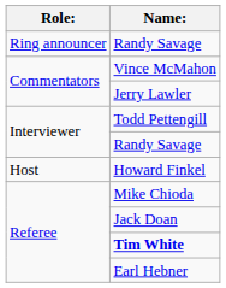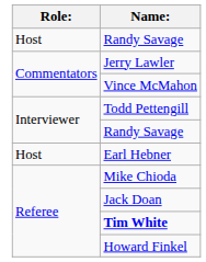 <table class=wikitable style="font-size:90%; margin: 0.5em 0 0.5em 1em; float: right; clear: right;">
 <tr>
 <th>Role:</th>
 <th>Name:</th>
 </tr>
 <tr>
-<td><a href='#'>Ring announcer</a></td>
+<td>Host</td>
 <td><a href='#'>Randy Savage</a></td>
 </tr>
 <tr>
 <td rowspan="2"><a href='#'>Commentators</a></td>
-<td><a href='#'>Vince McMahon</a></td>
+<td><a href='#'>Jerry Lawler</a></td>
 </tr>
 <tr>
-<td><a href='#'>Jerry Lawler</a></td>
+<td><a href='#'>Vince McMahon</a></td>
 </tr>
 <tr>
 <td rowspan="2">Interviewer</td>
 <td><a href='#'>Todd Pettengill</a></td>
 </tr>
 <tr>
 <td><a href='#'>Randy Savage</a></td>
 </tr>
 <tr>
 <td>Host</td>
-<td><a href='#'>Howard Finkel</a></td>
+<td><a href='#'>Earl Hebner</a></td>
 </tr>
 <tr>
 <td rowspan="4"><a href='#'>Referee</a></td>
 <td><a href='#'>Mike Chioda</a></td>
 </tr>
 <tr>
 <td><a href='#'>Jack Doan</a></td>
 </tr>
 <tr>
 <td><strong><a href='#'>Tim White</a></strong></td>
 </tr>
 <tr>
-<td><a href='#'>Earl Hebner</a></td>
+<td><a href='#'>Howard Finkel</a></td>
 </tr>
 </table>
